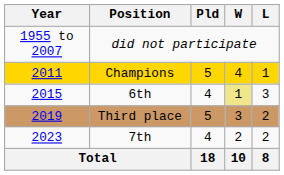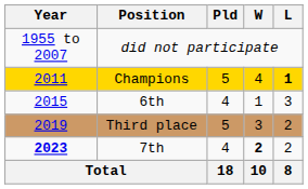 <table class="wikitable"  style="width:20%; text-align:center; font-size:90%;">
 <tr>
 <th width=25%>Year</th>
 <th width=30%>Position</th>
 <th width=8%>Pld</th>
 <th width=8%>W</th>
 <th width=8%>L</th>
 </tr>
 <tr>
 <td><a href='#'>1955</a> to <a href='#'>2007</a></td>
 <td colspan=4><em>did not participate</em></td>
 </tr>
 <tr style="background:gold;">
 <td> <a href='#'>2011</a></td>
 <td>Champions</td>
 <td>5</td>
 <td>4</td>
-<td>1</td>
+<td><strong>1</strong></td>
 </tr>
 <tr>
 <td> <a href='#'>2015</a></td>
 <td>6th</td>
 <td>4</td>
-<td style="background: khaki;">1</td>
+<td>1</td>
 <td>3</td>
 </tr>
 <tr style="background:#c96;">
 <td> <a href='#'>2019</a></td>
 <td>Third place</td>
 <td>5</td>
 <td>3</td>
 <td>2</td>
 </tr>
 <tr>
-<td> <a href='#'>2023</a></td>
+<td><strong> <a href='#'>2023</a></strong></td>
 <td>7th</td>
 <td>4</td>
-<td>2</td>
+<td><strong>2</strong></td>
 <td>2</td>
 </tr>
 <tr>
 <th colspan=2>Total</th>
 <th>18</th>
 <th>10</th>
 <th>8</th>
 </tr>
 </table>
